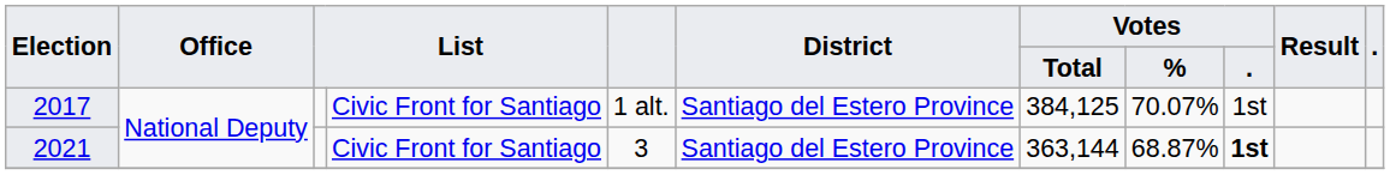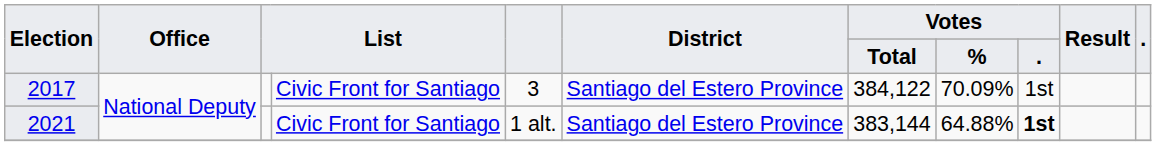 <table class="wikitable" style="font-size:90%; text-align:center;">
 <tr>
 <th style="background-color:#EAECF0;" rowspan=2>Election</th>
 <th style="background-color:#EAECF0;" rowspan=2>Office</th>
 <th style="background-color:#EAECF0;" colspan=2 rowspan=2>List</th>
 <th style="background-color:#EAECF0;" rowspan=2></th>
 <th style="background-color:#EAECF0;" rowspan=2>District</th>
 <th style="background-color:#EAECF0;" colspan=3>Votes</th>
 <th style="background-color:#EAECF0;" rowspan=2>Result</th>
 <th style="background-color:#EAECF0;" rowspan=2>.</th>
 </tr>
 <tr>
 <th style="background-color:#EAECF0;">Total</th>
 <th style="background-color:#EAECF0;">%</th>
 <th style="background-color:#EAECF0;">.</th>
 </tr>
 <tr>
 <td style="background-color:#EAECF0;"><a href='#'>2017</a></td>
 <td rowspan="2"><a href='#'>National Deputy</a></td>
 <td style="background-color:"></td>
 <td><a href='#'>Civic Front for Santiago</a></td>
-<td>1 alt.</td>
+<td>3</td>
 <td><a href='#'>Santiago del Estero Province</a></td>
-<td>384,125</td>
-<td>70.07%</td>
+<td>384,122</td>
+<td>70.09%</td>
 <td>1st</td>
 <td></td>
 <td></td>
 </tr>
 <tr>
 <td style="background-color:#EAECF0;"><a href='#'>2021</a></td>
 <td style="background-color:"></td>
 <td><a href='#'>Civic Front for Santiago</a></td>
-<td>3</td>
+<td>1 alt.</td>
 <td><a href='#'>Santiago del Estero Province</a></td>
-<td>363,144</td>
-<td>68.87%</td>
+<td>383,144</td>
+<td>64.88%</td>
 <td><strong>1st</strong></td>
 <td></td>
 <td></td>
 </tr>
 <tr>
 </tr>
 </table>
